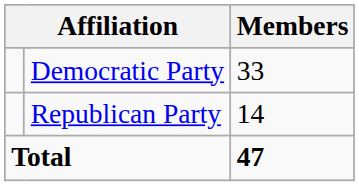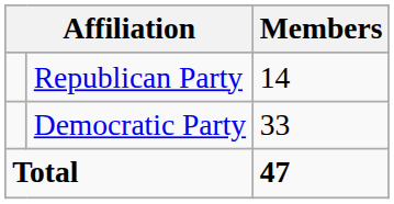 <table class="wikitable">
 <tr>
 <th colspan="2">Affiliation</th>
 <th>Members</th>
 </tr>
 <tr>
 <td style="background-color:"> </td>
-<td><a href='#'>Democratic Party</a></td>
-<td>33</td>
+<td><a href='#'>Republican Party</a></td>
+<td>14</td>
 </tr>
 <tr>
 <td style="background-color:"> </td>
-<td><a href='#'>Republican Party</a></td>
-<td>14</td>
+<td><a href='#'>Democratic Party</a></td>
+<td>33</td>
 </tr>
 <tr>
 <td colspan=2><strong>Total</strong><br></td>
 <td><strong>47</strong></td>
 </tr>
 </table>
